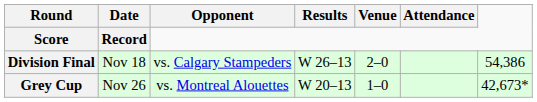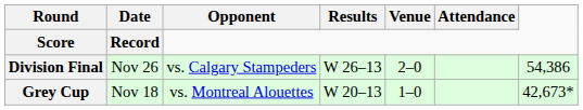 <table class="wikitable" style="text-align:center">
 <tr>
 <th>Round</th>
 <th>Date</th>
 <th>Opponent</th>
 <th>Results</th>
 <th>Venue</th>
 <th>Attendance</th>
 </tr>
 <tr>
 <th>Score</th>
 <th>Record</th>
 </tr>
 <tr style="background:#ddffdd">
 <th>Division Final</th>
-<td>Nov 18</td>
+<td>Nov 26</td>
 <td>vs. <a href='#'>Calgary Stampeders</a></td>
 <td>W 26–13</td>
 <td>2–0</td>
 <td></td>
 <td>54,386</td>
 </tr>
 <tr style="background:#ddffdd">
 <th>Grey Cup</th>
-<td>Nov 26</td>
+<td>Nov 18</td>
 <td>vs. <a href='#'>Montreal Alouettes</a></td>
 <td>W 20–13</td>
 <td>1–0</td>
 <td></td>
 <td>42,673*</td>
 </tr>
 </table>
